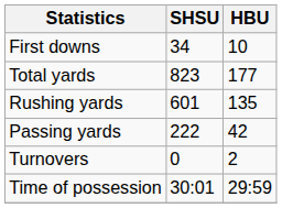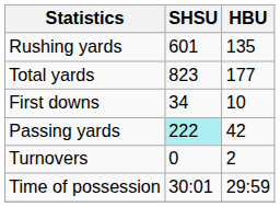 <table class="wikitable">
 <tr>
 <th>Statistics</th>
 <th>SHSU</th>
 <th>HBU</th>
 </tr>
 <tr>
-<td>First downs</td>
-<td>34</td>
-<td>10</td>
+<td>Rushing yards</td>
+<td>601</td>
+<td>135</td>
 </tr>
 <tr>
 <td>Total yards</td>
 <td>823</td>
 <td>177</td>
 </tr>
 <tr>
-<td>Rushing yards</td>
-<td>601</td>
-<td>135</td>
+<td>First downs</td>
+<td>34</td>
+<td>10</td>
 </tr>
 <tr>
 <td>Passing yards</td>
-<td>222</td>
+<td style="background: paleturquoise;">222</td>
 <td>42</td>
 </tr>
 <tr>
 <td>Turnovers</td>
 <td>0</td>
 <td>2</td>
 </tr>
 <tr>
 <td>Time of possession</td>
 <td>30:01</td>
 <td>29:59</td>
 </tr>
 <tr>
 </tr>
 </table>
